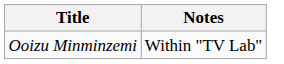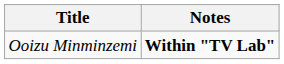 <table class="wikitable">
 <tr>
 <th>Title</th>
 <th>Notes</th>
 </tr>
 <tr>
 <td><em>Ooizu Minminzemi</em></td>
-<td>Within "TV Lab"</td>
+<td><strong>Within "TV Lab"</strong></td>
 </tr>
 </table>
